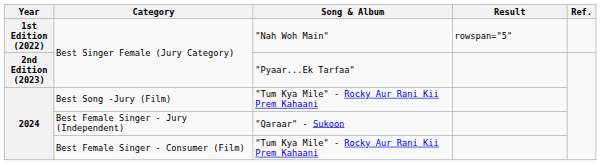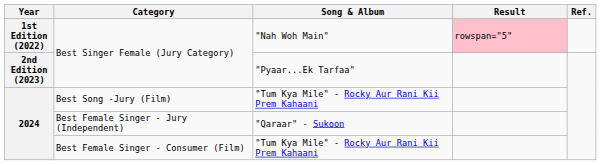 <table class="wikitable plainrowheaders" width="100%" textcolor:#000;">
 <tr>
 <th scope="col" width=5%><strong>Year</strong></th>
 <th scope="col" width=26%><strong>Category</strong></th>
 <th scope="col" width=26%><strong>Song & Album</strong></th>
 <th scope="col" width=15%><strong>Result</strong></th>
 <th scope="col" width=2%><strong>Ref.</strong></th>
 </tr>
 <tr>
 <th scope="row">1st Edition (2022)</th>
 <td rowspan="2">Best Singer Female (Jury Category)</td>
 <td>"Nah Woh Main"</td>
-<td>rowspan="5" </td>
+<td style="background: pink;">rowspan="5" </td>
 <td></td>
 </tr>
 <tr>
 <th scope="row">2nd Edition (2023)</th>
 <td>"Pyaar...Ek Tarfaa"</td>
 <td></td>
 </tr>
 <tr>
 <th scope="row" rowspan="3">2024</th>
 <td>Best Song -Jury (Film)</td>
 <td>"Tum Kya Mile" - <a href='#'>Rocky Aur Rani Kii Prem Kahaani</a></td>
 <td></td>
 </tr>
 <tr>
 <td>Best Female Singer - Jury (Independent)</td>
 <td>"Qaraar" - <a href='#'>Sukoon</a></td>
 <td></td>
 </tr>
 <tr>
 <td>Best Female Singer - Consumer (Film)</td>
 <td>"Tum Kya Mile" - <a href='#'>Rocky Aur Rani Kii Prem Kahaani</a></td>
 <td></td>
 </tr>
 </table>
